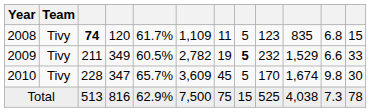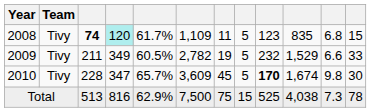 <table class="wikitable sortable" style="text-align:center;">
 <tr>
 <th>Year</th>
 <th>Team</th>
 <th></th>
 <th></th>
 <th></th>
 <th></th>
 <th></th>
 <th></th>
 <th></th>
 <th></th>
 <th></th>
 <th></th>
 </tr>
 <tr>
 <td>2008</td>
 <td>Tivy</td>
 <td><strong>74</strong></td>
-<td>120</td>
+<td style="background: paleturquoise;">120</td>
 <td>61.7%</td>
 <td>1,109</td>
 <td>11</td>
 <td>5</td>
 <td>123</td>
 <td>835</td>
 <td>6.8</td>
 <td>15</td>
 </tr>
 <tr>
 <td>2009</td>
 <td>Tivy</td>
 <td>211</td>
 <td>349</td>
 <td>60.5%</td>
 <td>2,782</td>
 <td>19</td>
-<td><strong>5</strong></td>
+<td>5</td>
 <td>232</td>
 <td>1,529</td>
 <td>6.6</td>
 <td>33</td>
 </tr>
 <tr>
 <td>2010</td>
 <td>Tivy</td>
 <td>228</td>
 <td>347</td>
 <td>65.7%</td>
 <td>3,609</td>
 <td>45</td>
 <td>5</td>
-<td>170</td>
+<td><strong>170</strong></td>
 <td>1,674</td>
 <td>9.8</td>
 <td>30</td>
 </tr>
 <tr class="sortbottom" style="background:#eee;">
 <td colspan=2>Total</td>
 <td>513</td>
 <td>816</td>
 <td>62.9%</td>
 <td>7,500</td>
 <td>75</td>
 <td>15</td>
 <td>525</td>
 <td>4,038</td>
 <td>7.3</td>
 <td>78</td>
 </tr>
 </table>
